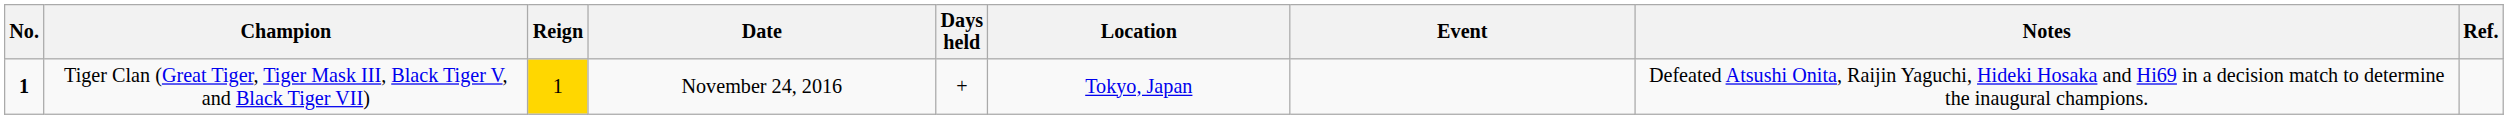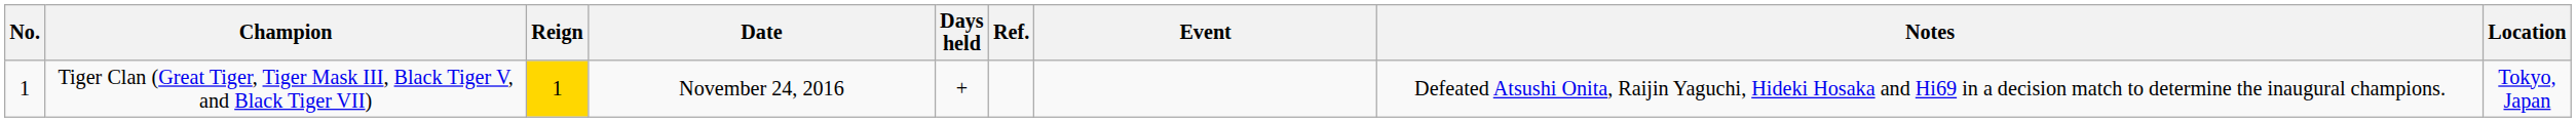 <table class="wikitable sortable" style="text-align: center" width=100%>
 <tr>
 <th width=0>No.</th>
 <th width=21%>Champion</th>
 <th width=0>Reign</th>
 <th width=15%>Date</th>
 <th width=0>Days held</th>
-<th width=13%>Location</th>
+<th width=0   class="unsortable">Ref.</th>
 <th width=15%>Event</th>
 <th width=49% class="unsortable">Notes</th>
-<th width=0   class="unsortable">Ref.</th>
+<th width=13%>Location</th>
 </tr>
 <tr>
-<td><strong>1</strong></td>
+<td>1</td>
 <td>Tiger Clan (<a href='#'>Great Tiger</a>, <a href='#'>Tiger Mask III</a>, <a href='#'>Black Tiger V</a>, and <a href='#'>Black Tiger VII</a>)</td>
 <td style="background: gold;">1</td>
 <td>November 24, 2016</td>
 <td>+</td>
-<td><a href='#'>Tokyo, Japan</a></td>
+<td></td>
 <td></td>
 <td>Defeated <a href='#'>Atsushi Onita</a>, Raijin Yaguchi, <a href='#'>Hideki Hosaka</a> and <a href='#'>Hi69</a> in a decision match to determine the inaugural champions.</td>
-<td></td>
+<td><a href='#'>Tokyo, Japan</a></td>
 </tr>
 </table>
